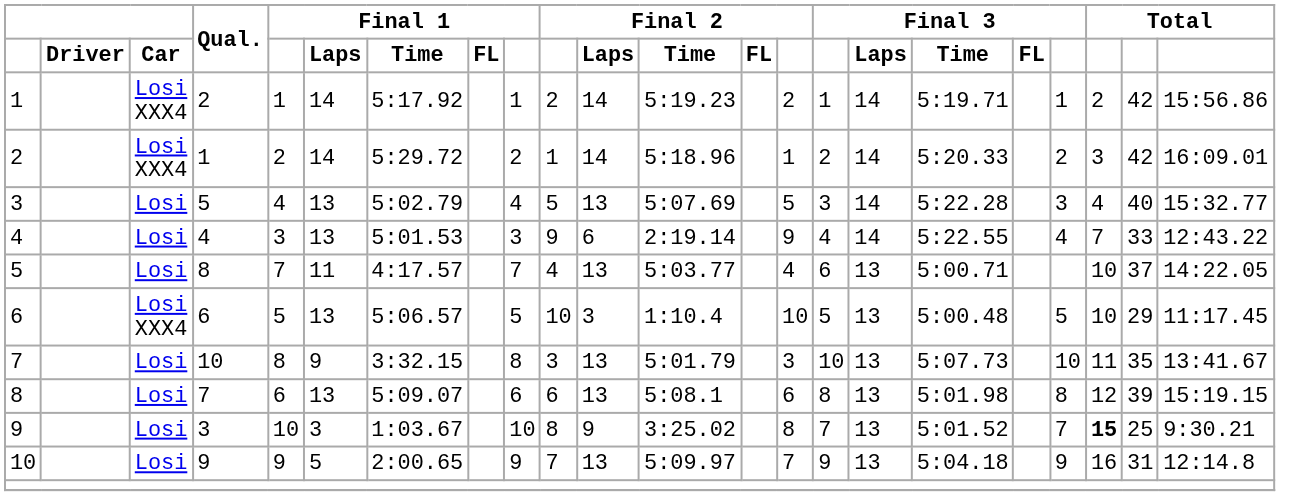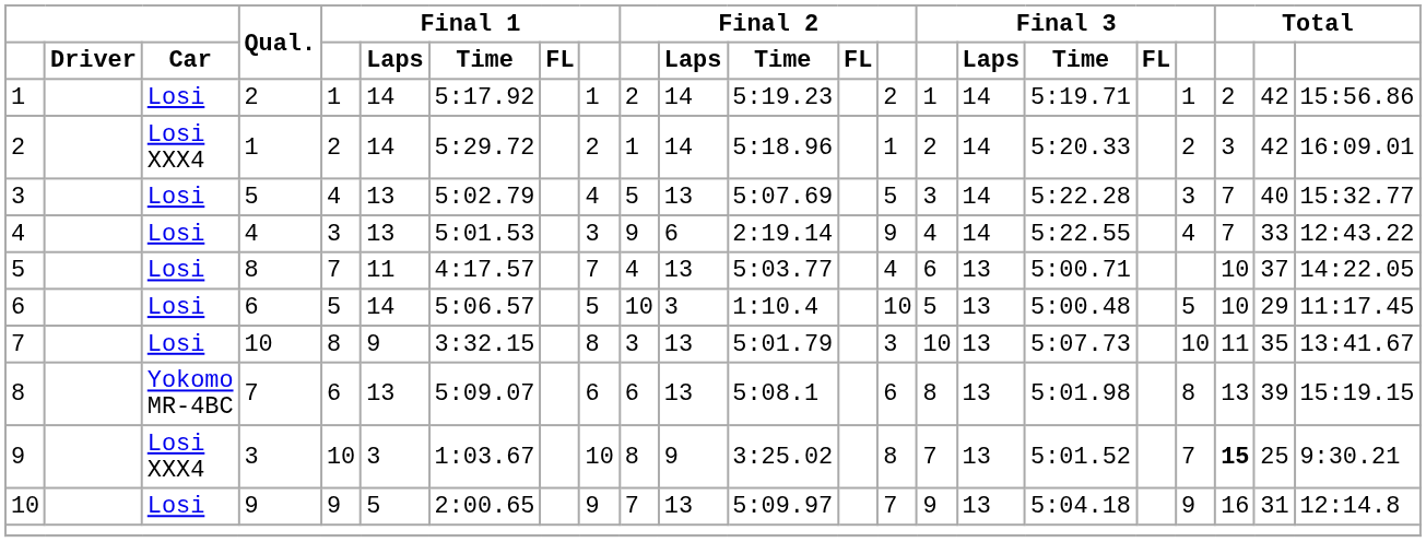 <table border="2" cellpadding="2" cellspacing="0" style="margin:0 1em 0 0; border:1px #aaa solid; border-collapse:collapse; font-size:85%;">
 <tr>
 <th colspan="3"></th>
 <th rowspan="2" style="text-align:center;">Qual.</th>
 <th colspan="5" style="text-align:center;">Final 1</th>
 <th colspan="5" style="text-align:center;">Final 2</th>
 <th colspan="5" style="text-align:center;">Final 3</th>
 <th colspan="3">Total</th>
 </tr>
 <tr>
 <th style="text-align:center;"></th>
 <th style="text-align:center;">Driver</th>
 <th style="text-align:center;">Car</th>
 <th style="text-align:center;"></th>
 <th style="text-align:center;">Laps</th>
 <th style="text-align:center;">Time</th>
 <th style="text-align:center;">FL</th>
 <th style="text-align:center;"></th>
 <th style="text-align:center;"></th>
 <th style="text-align:center;">Laps</th>
 <th style="text-align:center;">Time</th>
 <th style="text-align:center;">FL</th>
 <th style="text-align:center;"></th>
 <th style="text-align:center;"></th>
 <th style="text-align:center;">Laps</th>
 <th style="text-align:center;">Time</th>
 <th style="text-align:center;">FL</th>
 <th style="text-align:center;"></th>
 <th style="text-align:center;"></th>
 <th style="text-align:center;"></th>
 <th style="text-align:center;"></th>
 </tr>
 <tr>
 <td>1</td>
 <td></td>
-<td><a href='#'>Losi</a><br> XXX4</td>
+<td><a href='#'>Losi</a></td>
 <td>2</td>
 <td>1</td>
 <td>14</td>
 <td>5:17.92</td>
 <td></td>
 <td>1</td>
 <td>2</td>
 <td>14</td>
 <td>5:19.23</td>
 <td></td>
 <td>2</td>
 <td>1</td>
 <td>14</td>
 <td>5:19.71</td>
 <td></td>
 <td>1</td>
 <td>2</td>
 <td>42</td>
 <td>15:56.86</td>
 </tr>
 <tr>
 <td>2</td>
 <td></td>
 <td><a href='#'>Losi</a><br> XXX4</td>
 <td>1</td>
 <td>2</td>
 <td>14</td>
 <td>5:29.72</td>
 <td></td>
 <td>2</td>
 <td>1</td>
 <td>14</td>
 <td>5:18.96</td>
 <td></td>
 <td>1</td>
 <td>2</td>
 <td>14</td>
 <td>5:20.33</td>
 <td></td>
 <td>2</td>
 <td>3</td>
 <td>42</td>
 <td>16:09.01</td>
 </tr>
 <tr>
 <td>3</td>
 <td></td>
 <td><a href='#'>Losi</a></td>
 <td>5</td>
 <td>4</td>
 <td>13</td>
 <td>5:02.79</td>
 <td></td>
 <td>4</td>
 <td>5</td>
 <td>13</td>
 <td>5:07.69</td>
 <td></td>
 <td>5</td>
 <td>3</td>
 <td>14</td>
 <td>5:22.28</td>
 <td></td>
 <td>3</td>
-<td>4</td>
+<td>7</td>
 <td>40</td>
 <td>15:32.77</td>
 </tr>
 <tr>
 <td>4</td>
 <td></td>
 <td><a href='#'>Losi</a></td>
 <td>4</td>
 <td>3</td>
 <td>13</td>
 <td>5:01.53</td>
 <td></td>
 <td>3</td>
 <td>9</td>
 <td>6</td>
 <td>2:19.14</td>
 <td></td>
 <td>9</td>
 <td>4</td>
 <td>14</td>
 <td>5:22.55</td>
 <td></td>
 <td>4</td>
 <td>7</td>
 <td>33</td>
 <td>12:43.22</td>
 </tr>
 <tr>
 <td>5</td>
 <td></td>
 <td><a href='#'>Losi</a></td>
 <td>8</td>
 <td>7</td>
 <td>11</td>
 <td>4:17.57</td>
 <td></td>
 <td>7</td>
 <td>4</td>
 <td>13</td>
 <td>5:03.77</td>
 <td></td>
 <td>4</td>
 <td>6</td>
 <td>13</td>
 <td>5:00.71</td>
 <td></td>
 <td 6></td>
 <td>10</td>
 <td>37</td>
 <td>14:22.05</td>
 </tr>
 <tr>
 <td>6</td>
 <td></td>
-<td><a href='#'>Losi</a><br> XXX4</td>
+<td><a href='#'>Losi</a></td>
 <td>6</td>
 <td>5</td>
-<td>13</td>
+<td>14</td>
 <td>5:06.57</td>
 <td></td>
 <td>5</td>
 <td>10</td>
 <td>3</td>
 <td>1:10.4</td>
 <td></td>
 <td>10</td>
 <td>5</td>
 <td>13</td>
 <td>5:00.48</td>
 <td></td>
 <td>5</td>
 <td>10</td>
 <td>29</td>
 <td>11:17.45</td>
 </tr>
 <tr>
 <td>7</td>
 <td></td>
 <td><a href='#'>Losi</a></td>
 <td>10</td>
 <td>8</td>
 <td>9</td>
 <td>3:32.15</td>
 <td></td>
 <td>8</td>
 <td>3</td>
 <td>13</td>
 <td>5:01.79</td>
 <td></td>
 <td>3</td>
 <td>10</td>
 <td>13</td>
 <td>5:07.73</td>
 <td></td>
 <td>10</td>
 <td>11</td>
 <td>35</td>
 <td>13:41.67</td>
 </tr>
 <tr>
 <td>8</td>
 <td></td>
-<td><a href='#'>Losi</a></td>
+<td><a href='#'>Yokomo</a><br> MR-4BC</td>
 <td>7</td>
 <td>6</td>
 <td>13</td>
 <td>5:09.07</td>
 <td></td>
 <td>6</td>
 <td>6</td>
 <td>13</td>
 <td>5:08.1</td>
 <td></td>
 <td>6</td>
 <td>8</td>
 <td>13</td>
 <td>5:01.98</td>
 <td></td>
 <td>8</td>
-<td>12</td>
+<td>13</td>
 <td>39</td>
 <td>15:19.15</td>
 </tr>
 <tr>
 <td>9</td>
 <td></td>
-<td><a href='#'>Losi</a></td>
+<td><a href='#'>Losi</a><br> XXX4</td>
 <td>3</td>
 <td>10</td>
 <td>3</td>
 <td>1:03.67</td>
 <td></td>
 <td>10</td>
 <td>8</td>
 <td>9</td>
 <td>3:25.02</td>
 <td></td>
 <td>8</td>
 <td>7</td>
 <td>13</td>
 <td>5:01.52</td>
 <td></td>
 <td>7</td>
 <td><strong>15</strong></td>
 <td>25</td>
 <td>9:30.21</td>
 </tr>
 <tr>
 <td>10</td>
 <td></td>
 <td><a href='#'>Losi</a></td>
 <td>9</td>
 <td>9</td>
 <td>5</td>
 <td>2:00.65</td>
 <td></td>
 <td>9</td>
 <td>7</td>
 <td>13</td>
 <td>5:09.97</td>
 <td></td>
 <td>7</td>
 <td>9</td>
 <td>13</td>
 <td>5:04.18</td>
 <td></td>
 <td>9</td>
 <td>16</td>
 <td>31</td>
 <td>12:14.8</td>
 </tr>
 <tr>
 <td colspan="22"></td>
 </tr>
 <tr>
 </tr>
 </table>
